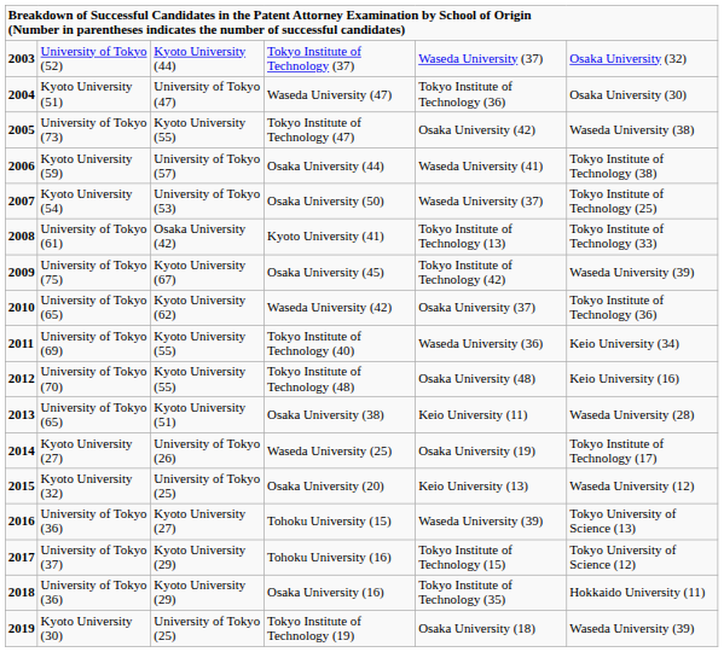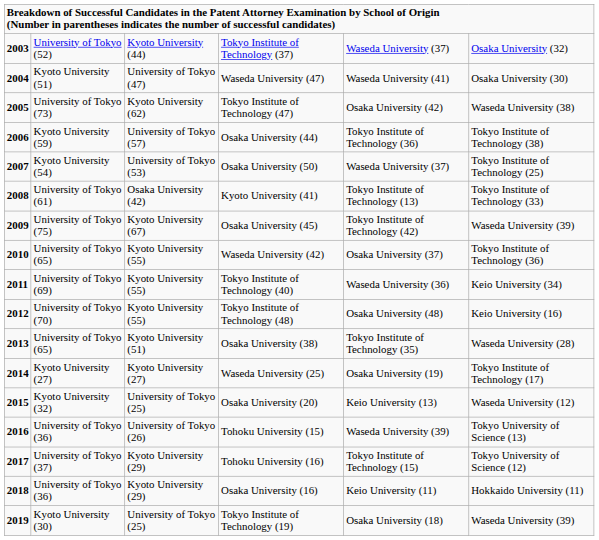 <table class="wikitable">
 <tr>
 <td colspan="6"><strong>Breakdown of Successful  Candidates in the Patent Attorney Examination by School of Origin</strong><br><strong>(Number in parentheses indicates the number of successful candidates)</strong></td>
 </tr>
 <tr>
 <td><strong>2003</strong></td>
 <td><a href='#'>University of Tokyo</a> (52)</td>
 <td><a href='#'>Kyoto University</a> (44)</td>
 <td><a href='#'>Tokyo Institute of Technology</a>  (37)</td>
 <td><a href='#'>Waseda University</a> (37)</td>
 <td><a href='#'>Osaka University</a> (32)</td>
 </tr>
 <tr>
 <td><strong>2004</strong></td>
 <td>Kyoto University (51)</td>
 <td>University of Tokyo (47)</td>
 <td>Waseda University (47)</td>
-<td>Tokyo Institute of Technology  (36)</td>
+<td>Waseda University (41)</td>
 <td>Osaka University (30)</td>
 </tr>
 <tr>
 <td><strong>2005</strong></td>
 <td>University of Tokyo (73)</td>
-<td>Kyoto University (55)</td>
+<td>Kyoto University (62)</td>
 <td>Tokyo Institute of Technology  (47)</td>
 <td>Osaka University (42)</td>
 <td>Waseda University (38)</td>
 </tr>
 <tr>
 <td><strong>2006</strong></td>
 <td>Kyoto University (59)</td>
 <td>University of Tokyo (57)</td>
 <td>Osaka University (44)</td>
-<td>Waseda University (41)</td>
+<td>Tokyo Institute of Technology  (36)</td>
 <td>Tokyo Institute of Technology  (38)</td>
 </tr>
 <tr>
 <td><strong>2007</strong></td>
 <td>Kyoto University (54)</td>
 <td>University of Tokyo (53)</td>
 <td>Osaka University (50)</td>
 <td>Waseda University (37)</td>
 <td>Tokyo Institute of Technology  (25)</td>
 </tr>
 <tr>
 <td><strong>2008</strong></td>
 <td>University of Tokyo (61)</td>
 <td>Osaka University (42)</td>
 <td>Kyoto University (41)</td>
 <td>Tokyo Institute of Technology  (13)</td>
 <td>Tokyo Institute of Technology  (33)</td>
 </tr>
 <tr>
 <td><strong>2009</strong></td>
 <td>University of Tokyo (75)</td>
 <td>Kyoto University (67)</td>
 <td>Osaka University (45)</td>
 <td>Tokyo Institute of Technology  (42)</td>
 <td>Waseda University (39)</td>
 </tr>
 <tr>
 <td><strong>2010</strong></td>
 <td>University of Tokyo (65)</td>
-<td>Kyoto University (62)</td>
+<td>Kyoto University (55)</td>
 <td>Waseda University (42)</td>
 <td>Osaka University (37)</td>
 <td>Tokyo Institute of Technology  (36)</td>
 </tr>
 <tr>
 <td><strong>2011</strong></td>
 <td>University of Tokyo (69)</td>
 <td>Kyoto University (55)</td>
 <td>Tokyo Institute of Technology  (40)</td>
 <td>Waseda University (36)</td>
 <td>Keio University (34)</td>
 </tr>
 <tr>
 <td><strong>2012</strong></td>
 <td>University of Tokyo (70)</td>
 <td>Kyoto University (55)</td>
 <td>Tokyo Institute of Technology  (48)</td>
 <td>Osaka University (48)</td>
 <td>Keio University (16)</td>
 </tr>
 <tr>
 <td><strong>2013</strong></td>
 <td>University of Tokyo (65)</td>
 <td>Kyoto University (51)</td>
 <td>Osaka University (38)</td>
-<td>Keio University (11)</td>
+<td>Tokyo Institute of Technology  (35)</td>
 <td>Waseda University (28)</td>
 </tr>
 <tr>
 <td><strong>2014</strong></td>
 <td>Kyoto University (27)</td>
-<td>University of Tokyo (26)</td>
+<td>Kyoto University (27)</td>
 <td>Waseda University (25)</td>
 <td>Osaka University (19)</td>
 <td>Tokyo Institute of Technology  (17)</td>
 </tr>
 <tr>
 <td><strong>2015</strong></td>
 <td>Kyoto University (32)</td>
 <td>University of Tokyo (25)</td>
 <td>Osaka University (20)</td>
 <td>Keio University (13)</td>
 <td>Waseda University (12)</td>
 </tr>
 <tr>
 <td><strong>2016</strong></td>
 <td>University of Tokyo (36)</td>
-<td>Kyoto University (27)</td>
+<td>University of Tokyo (26)</td>
 <td>Tohoku University (15)</td>
 <td>Waseda University (39)</td>
 <td>Tokyo University of Science (13)</td>
 </tr>
 <tr>
 <td><strong>2017</strong></td>
 <td>University of Tokyo (37)</td>
 <td>Kyoto University (29)</td>
 <td>Tohoku University (16)</td>
 <td>Tokyo Institute of Technology  (15)</td>
 <td>Tokyo University of Science (12)</td>
 </tr>
 <tr>
 <td><strong>2018</strong></td>
 <td>University of Tokyo (36)</td>
 <td>Kyoto University (29)</td>
 <td>Osaka University (16)</td>
-<td>Tokyo Institute of Technology  (35)</td>
+<td>Keio University (11)</td>
 <td>Hokkaido University (11)</td>
 </tr>
 <tr>
 <td><strong>2019</strong></td>
 <td>Kyoto University (30)</td>
 <td>University of Tokyo (25)</td>
 <td>Tokyo Institute of Technology  (19)</td>
 <td>Osaka University (18)</td>
 <td>Waseda University (39)</td>
 </tr>
 </table>
